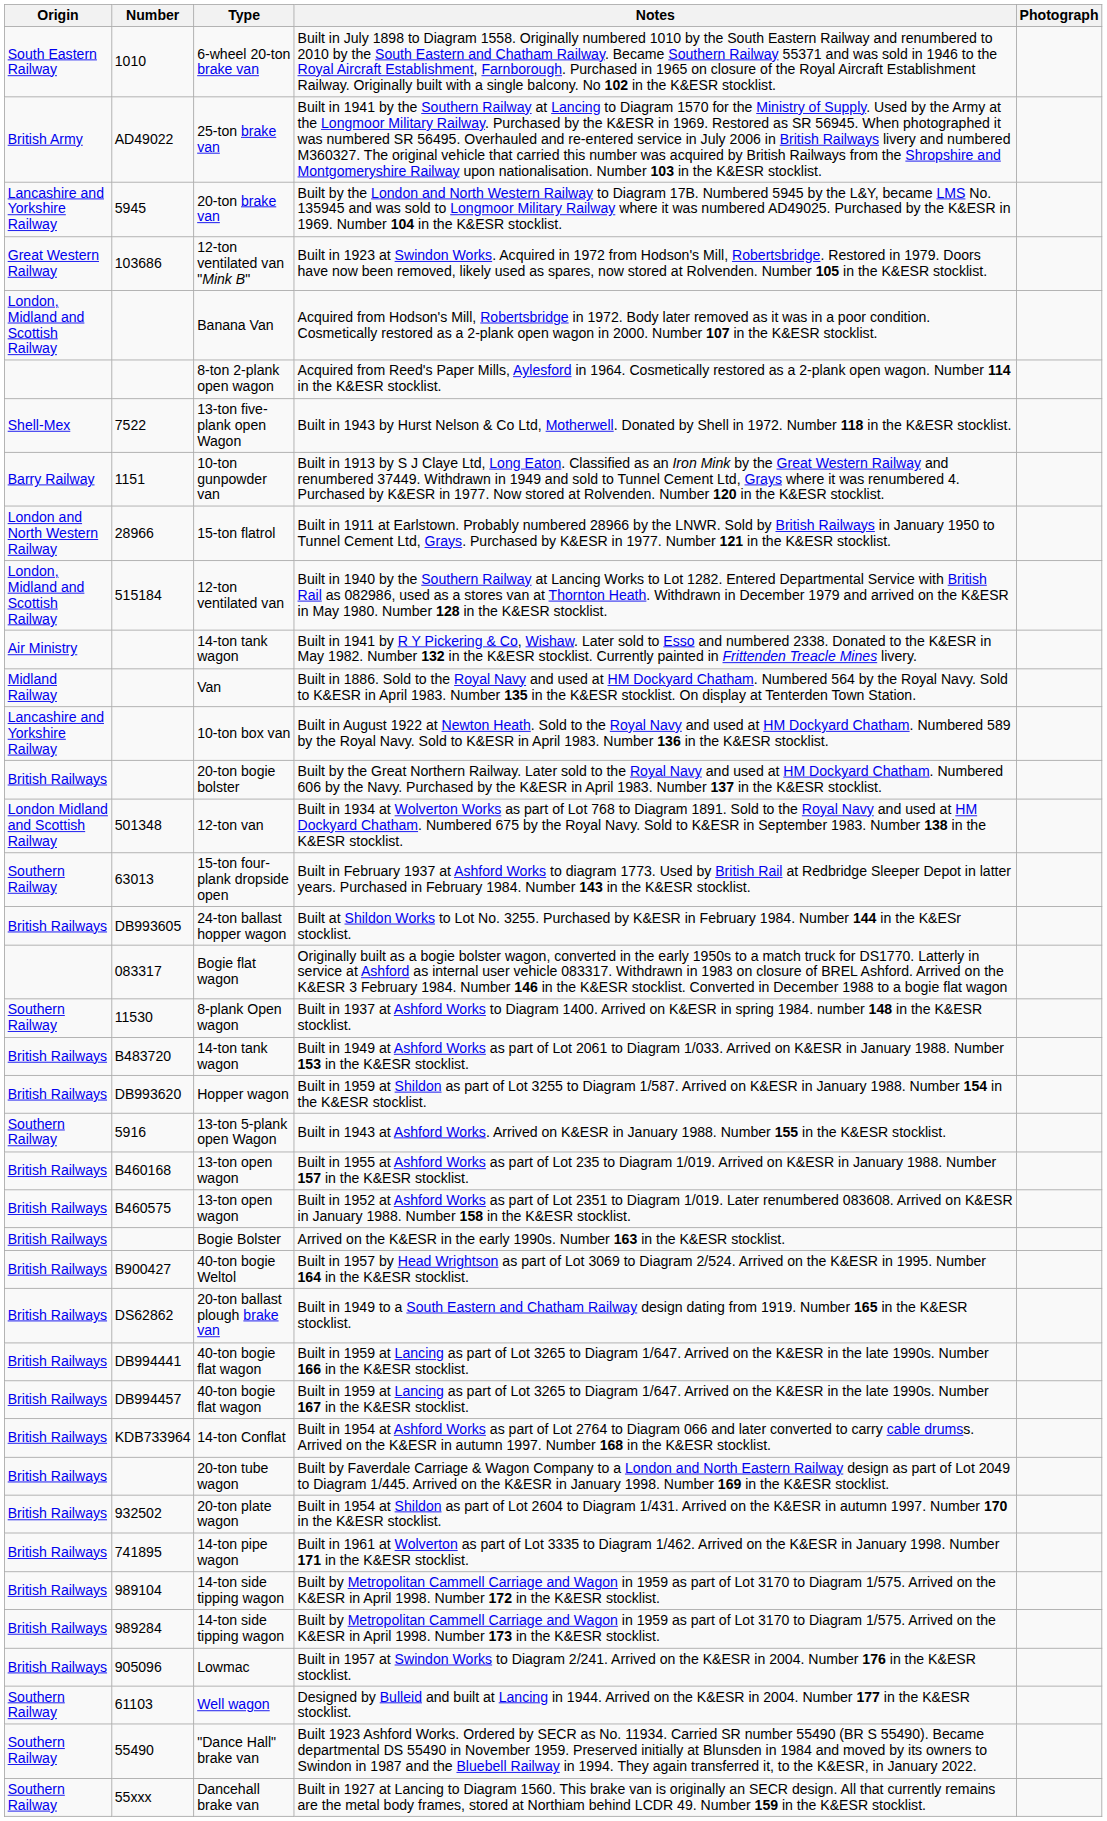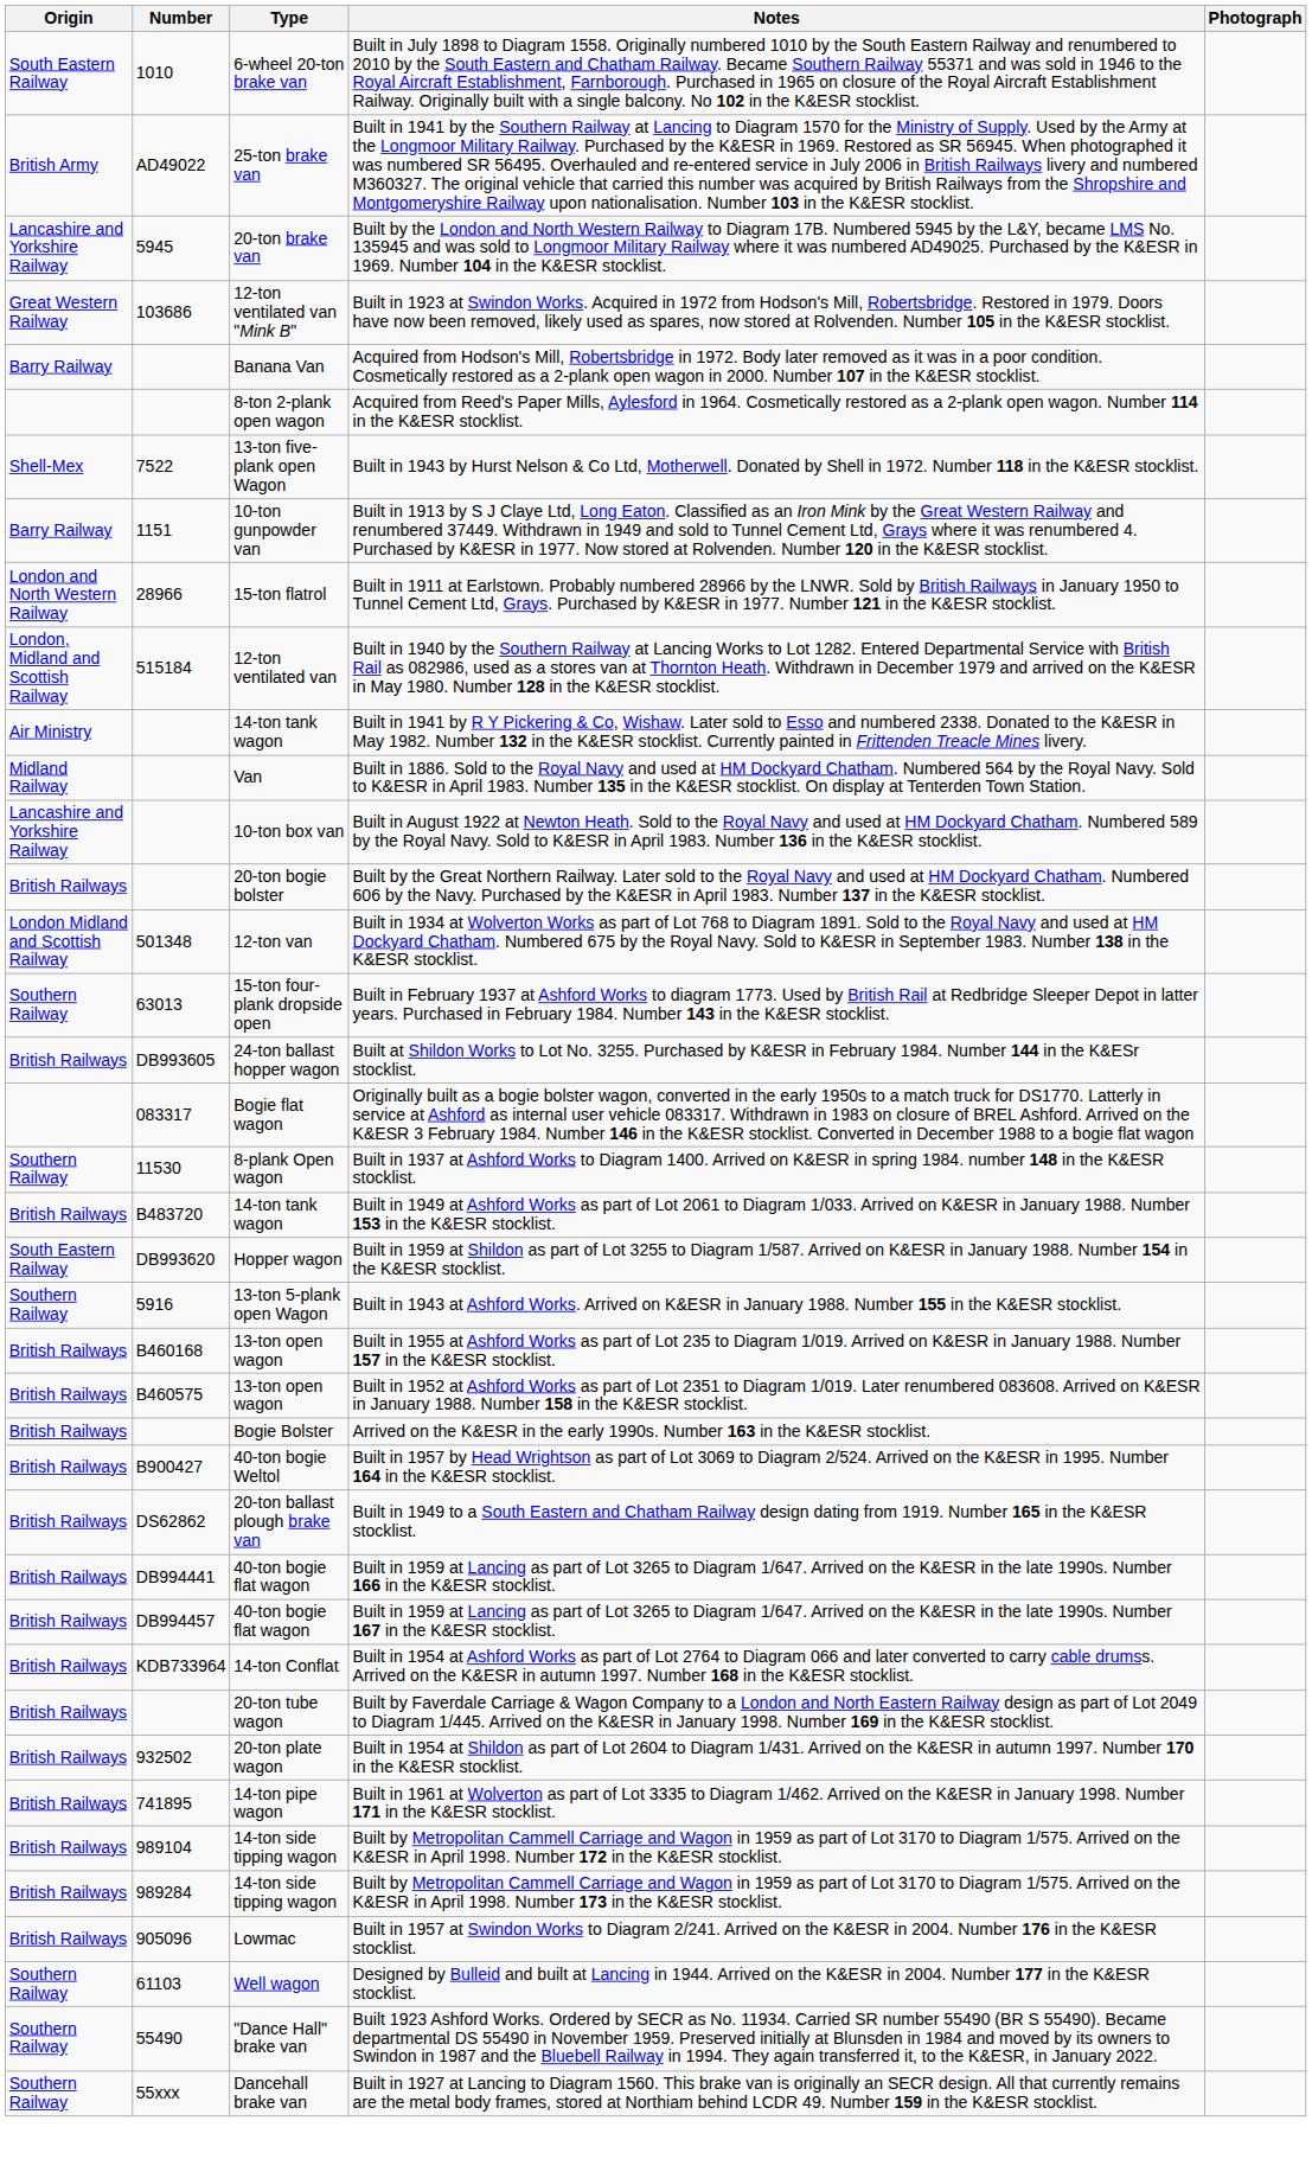 <table class="wikitable">
 <tr>
 <th>Origin</th>
 <th>Number</th>
 <th>Type</th>
 <th>Notes</th>
 <th>Photograph</th>
 </tr>
 <tr>
 <td><a href='#'>South Eastern Railway</a></td>
 <td>1010</td>
 <td>6-wheel 20-ton <a href='#'>brake van</a></td>
 <td>Built in July 1898 to Diagram 1558. Originally numbered 1010 by the South Eastern Railway and renumbered to 2010 by the <a href='#'>South Eastern and Chatham Railway</a>. Became <a href='#'>Southern Railway</a> 55371 and was sold in 1946 to the <a href='#'>Royal Aircraft Establishment</a>, <a href='#'>Farnborough</a>. Purchased in 1965 on closure of the Royal Aircraft Establishment Railway. Originally built with a single balcony. No <strong>102</strong> in the K&ESR stocklist.</td>
 <td></td>
 </tr>
 <tr>
 <td><a href='#'>British Army</a></td>
 <td>AD49022</td>
 <td>25-ton <a href='#'>brake van</a></td>
 <td>Built in 1941 by the <a href='#'>Southern Railway</a> at <a href='#'>Lancing</a> to Diagram 1570 for the <a href='#'>Ministry of Supply</a>. Used by the Army at the <a href='#'>Longmoor Military Railway</a>. Purchased by the K&ESR in 1969. Restored as SR 56945. When photographed it was numbered SR 56495.   Overhauled and re-entered service in July 2006 in <a href='#'>British Railways</a> livery and numbered M360327. The original vehicle that carried this number was acquired by British Railways from the <a href='#'>Shropshire and Montgomeryshire Railway</a> upon nationalisation. Number <strong>103</strong> in the K&ESR stocklist.</td>
 <td></td>
 </tr>
 <tr>
 <td><a href='#'>Lancashire and Yorkshire Railway</a></td>
 <td>5945</td>
 <td>20-ton <a href='#'>brake van</a></td>
 <td>Built by the <a href='#'>London and North Western Railway</a> to Diagram 17B. Numbered 5945 by the L&Y, became <a href='#'>LMS</a> No. 135945 and was sold to <a href='#'>Longmoor Military Railway</a> where it was numbered AD49025. Purchased by the K&ESR in 1969. Number <strong>104</strong> in the K&ESR stocklist.</td>
 <td></td>
 </tr>
 <tr>
 <td><a href='#'>Great Western Railway</a></td>
 <td>103686</td>
 <td>12-ton ventilated van "<em>Mink B</em>"</td>
 <td>Built in 1923 at <a href='#'>Swindon Works</a>. Acquired in 1972 from Hodson's Mill, <a href='#'>Robertsbridge</a>. Restored in 1979. Doors have now been removed, likely used as spares, now stored at Rolvenden. Number <strong>105</strong> in the K&ESR stocklist.</td>
 <td></td>
 </tr>
 <tr>
-<td><a href='#'>London, Midland and Scottish Railway</a></td>
+<td><a href='#'>Barry Railway</a></td>
 <td></td>
 <td>Banana Van</td>
 <td>Acquired from Hodson's Mill, <a href='#'>Robertsbridge</a> in 1972. Body later removed as it was in a poor condition. Cosmetically restored as a 2-plank open wagon in 2000. Number <strong>107</strong> in the K&ESR stocklist.</td>
 <td></td>
 </tr>
 <tr>
 <td></td>
 <td></td>
 <td>8-ton 2-plank open wagon</td>
 <td>Acquired from Reed's Paper Mills, <a href='#'>Aylesford</a> in 1964. Cosmetically restored as a 2-plank open wagon. Number <strong>114</strong> in the K&ESR stocklist.</td>
 <td></td>
 </tr>
 <tr>
 <td><a href='#'>Shell-Mex</a></td>
 <td>7522</td>
 <td>13-ton five-plank open Wagon</td>
 <td>Built in 1943 by Hurst Nelson & Co Ltd, <a href='#'>Motherwell</a>. Donated by Shell in 1972. Number <strong>118</strong> in the K&ESR stocklist.</td>
 <td></td>
 </tr>
 <tr>
 <td><a href='#'>Barry Railway</a></td>
 <td>1151</td>
 <td>10-ton gunpowder van</td>
 <td>Built in 1913 by S J Claye Ltd, <a href='#'>Long Eaton</a>. Classified as an <em>Iron Mink</em> by the <a href='#'>Great Western Railway</a> and renumbered 37449. Withdrawn in 1949 and sold to Tunnel Cement Ltd, <a href='#'>Grays</a> where it was renumbered 4. Purchased by K&ESR in 1977. Now stored at Rolvenden. Number <strong>120</strong> in the K&ESR stocklist.</td>
 <td></td>
 </tr>
 <tr>
 <td><a href='#'>London and North Western Railway</a></td>
 <td>28966</td>
 <td>15-ton flatrol</td>
 <td>Built in 1911 at Earlstown. Probably numbered 28966 by the LNWR. Sold by <a href='#'>British Railways</a> in January 1950 to Tunnel Cement Ltd, <a href='#'>Grays</a>. Purchased by K&ESR in 1977. Number <strong>121</strong> in the K&ESR stocklist.</td>
 <td></td>
 </tr>
 <tr>
 <td><a href='#'>London, Midland and Scottish Railway</a></td>
 <td>515184</td>
 <td>12-ton ventilated van</td>
 <td>Built in 1940 by the <a href='#'>Southern Railway</a> at Lancing Works to Lot 1282. Entered Departmental Service with <a href='#'>British Rail</a> as 082986, used as a stores van at <a href='#'>Thornton Heath</a>. Withdrawn in December 1979 and arrived on the K&ESR in May 1980. Number <strong>128</strong> in the K&ESR stocklist.</td>
 <td></td>
 </tr>
 <tr>
 <td><a href='#'>Air Ministry</a></td>
 <td></td>
 <td>14-ton tank wagon</td>
 <td>Built in 1941 by <a href='#'>R Y Pickering & Co</a>, <a href='#'>Wishaw</a>. Later sold to <a href='#'>Esso</a> and numbered 2338. Donated to the K&ESR in May 1982. Number <strong>132</strong> in the K&ESR stocklist. Currently painted in <a href='#'><em>Frittenden Treacle Mines</em></a> livery.</td>
 <td></td>
 </tr>
 <tr>
 <td><a href='#'>Midland Railway</a></td>
 <td></td>
 <td>Van</td>
 <td>Built in 1886. Sold to the <a href='#'>Royal Navy</a> and used at <a href='#'>HM Dockyard Chatham</a>. Numbered 564 by the Royal Navy. Sold to K&ESR in April 1983. Number <strong>135</strong> in the K&ESR stocklist. On display at Tenterden Town Station.</td>
 <td></td>
 </tr>
 <tr>
 <td><a href='#'>Lancashire and Yorkshire Railway</a></td>
 <td></td>
 <td>10-ton box van</td>
 <td>Built in August 1922 at <a href='#'>Newton Heath</a>. Sold to the <a href='#'>Royal Navy</a> and used at <a href='#'>HM Dockyard Chatham</a>. Numbered 589 by the Royal Navy. Sold to K&ESR in April 1983. Number <strong>136</strong> in the K&ESR stocklist.</td>
 <td></td>
 </tr>
 <tr>
 <td><a href='#'>British Railways</a></td>
 <td></td>
 <td>20-ton bogie bolster</td>
 <td>Built by the Great Northern Railway. Later sold to the <a href='#'>Royal Navy</a> and used at <a href='#'>HM Dockyard Chatham</a>. Numbered 606 by the Navy. Purchased by the K&ESR in April 1983. Number <strong>137</strong> in the K&ESR stocklist.</td>
 <td></td>
 </tr>
 <tr>
 <td><a href='#'>London Midland and Scottish Railway</a></td>
 <td>501348</td>
 <td>12-ton van</td>
 <td>Built in 1934 at <a href='#'>Wolverton Works</a> as part of Lot 768 to Diagram 1891. Sold to the <a href='#'>Royal Navy</a> and used at <a href='#'>HM Dockyard Chatham</a>. Numbered 675 by the Royal Navy. Sold to K&ESR in September 1983. Number <strong>138</strong> in the K&ESR stocklist.</td>
 <td></td>
 </tr>
 <tr>
 <td><a href='#'>Southern Railway</a></td>
 <td>63013</td>
 <td>15-ton four-plank dropside open</td>
 <td>Built in February 1937 at <a href='#'>Ashford Works</a> to diagram 1773. Used by <a href='#'>British Rail</a> at Redbridge Sleeper Depot in latter years. Purchased in February 1984. Number <strong>143</strong> in the K&ESR stocklist.</td>
 <td></td>
 </tr>
 <tr>
 <td><a href='#'>British Railways</a></td>
 <td>DB993605</td>
 <td>24-ton ballast hopper wagon</td>
 <td>Built at <a href='#'>Shildon Works</a> to Lot No. 3255. Purchased by K&ESR in February 1984. Number <strong>144</strong> in the K&ESr stocklist.</td>
 <td></td>
 </tr>
 <tr>
 <td></td>
 <td>083317</td>
 <td>Bogie flat wagon</td>
 <td>Originally built as a bogie bolster wagon, converted in the early 1950s to a match truck for DS1770. Latterly in service at <a href='#'>Ashford</a> as internal user vehicle 083317. Withdrawn in 1983 on closure of BREL Ashford. Arrived on the K&ESR 3 February 1984.  Number <strong>146</strong> in the K&ESR stocklist. Converted in December 1988 to a bogie flat wagon</td>
 <td></td>
 </tr>
 <tr>
 <td><a href='#'>Southern Railway</a></td>
 <td>11530</td>
 <td>8-plank Open wagon</td>
 <td>Built in 1937 at <a href='#'>Ashford Works</a> to Diagram 1400. Arrived on K&ESR in spring 1984. number <strong>148</strong> in the K&ESR stocklist.</td>
 <td></td>
 </tr>
 <tr>
 <td><a href='#'>British Railways</a></td>
 <td>B483720</td>
 <td>14-ton tank wagon</td>
 <td>Built in 1949 at <a href='#'>Ashford Works</a> as part of Lot 2061 to Diagram 1/033. Arrived on K&ESR in January 1988. Number <strong>153</strong> in the K&ESR stocklist.</td>
 <td></td>
 </tr>
 <tr>
-<td><a href='#'>British Railways</a></td>
+<td><a href='#'>South Eastern Railway</a></td>
 <td>DB993620</td>
 <td>Hopper wagon</td>
 <td>Built in 1959 at <a href='#'>Shildon</a> as part of Lot 3255 to Diagram 1/587. Arrived on K&ESR in January 1988. Number <strong>154</strong> in the K&ESR stocklist.</td>
 <td></td>
 </tr>
 <tr>
 <td><a href='#'>Southern Railway</a></td>
 <td>5916</td>
 <td>13-ton 5-plank open Wagon</td>
 <td>Built in 1943 at <a href='#'>Ashford Works</a>. Arrived on K&ESR in January 1988. Number <strong>155</strong> in the K&ESR stocklist.</td>
 <td></td>
 </tr>
 <tr>
 <td><a href='#'>British Railways</a></td>
 <td>B460168</td>
 <td>13-ton open wagon</td>
 <td>Built in 1955 at <a href='#'>Ashford Works</a> as part of Lot 235 to Diagram 1/019. Arrived on K&ESR in January 1988. Number <strong>157</strong> in the K&ESR stocklist.</td>
 <td></td>
 </tr>
 <tr>
 <td><a href='#'>British Railways</a></td>
 <td>B460575</td>
 <td>13-ton open wagon</td>
 <td>Built in 1952 at <a href='#'>Ashford Works</a> as part of Lot 2351 to Diagram 1/019. Later renumbered 083608. Arrived on K&ESR in January 1988. Number <strong>158</strong> in the K&ESR stocklist.</td>
 <td></td>
 </tr>
 <tr>
 <td><a href='#'>British Railways</a></td>
 <td></td>
 <td>Bogie Bolster</td>
 <td>Arrived on the K&ESR in the early 1990s. Number <strong>163</strong> in the K&ESR stocklist.</td>
 <td></td>
 </tr>
 <tr>
 <td><a href='#'>British Railways</a></td>
 <td>B900427</td>
 <td>40-ton bogie Weltol</td>
 <td>Built in 1957 by <a href='#'>Head Wrightson</a> as part of Lot 3069 to Diagram 2/524. Arrived on the K&ESR in 1995. Number <strong>164</strong> in the K&ESR stocklist.</td>
 <td></td>
 </tr>
 <tr>
 <td><a href='#'>British Railways</a></td>
 <td>DS62862</td>
 <td>20-ton ballast plough <a href='#'>brake van</a></td>
 <td>Built in 1949 to a <a href='#'>South Eastern and Chatham Railway</a> design dating from 1919. Number <strong>165</strong> in the K&ESR stocklist.</td>
 <td></td>
 </tr>
 <tr>
 <td><a href='#'>British Railways</a></td>
 <td>DB994441</td>
 <td>40-ton bogie flat wagon</td>
 <td>Built in 1959 at <a href='#'>Lancing</a> as part of Lot 3265 to Diagram 1/647. Arrived on the K&ESR in the late 1990s. Number <strong>166</strong> in the K&ESR stocklist.</td>
 <td></td>
 </tr>
 <tr>
 <td><a href='#'>British Railways</a></td>
 <td>DB994457</td>
 <td>40-ton bogie flat wagon</td>
 <td>Built in 1959 at <a href='#'>Lancing</a> as part of Lot 3265 to Diagram 1/647. Arrived on the K&ESR in the late 1990s. Number <strong>167</strong> in the K&ESR stocklist.</td>
 <td></td>
 </tr>
 <tr>
 <td><a href='#'>British Railways</a></td>
 <td>KDB733964</td>
 <td>14-ton Conflat</td>
 <td>Built in 1954 at <a href='#'>Ashford Works</a> as part of Lot 2764 to Diagram 066 and later converted to carry <a href='#'>cable drums</a>s. Arrived on the K&ESR in autumn 1997. Number <strong>168</strong> in the K&ESR stocklist.</td>
 <td></td>
 </tr>
 <tr>
 <td><a href='#'>British Railways</a></td>
 <td></td>
 <td>20-ton tube wagon</td>
 <td>Built by Faverdale Carriage & Wagon Company to a <a href='#'>London and North Eastern Railway</a> design as part of Lot 2049 to Diagram 1/445. Arrived on the K&ESR in January 1998. Number <strong>169</strong> in the K&ESR stocklist.</td>
 <td></td>
 </tr>
 <tr>
 <td><a href='#'>British Railways</a></td>
 <td>932502</td>
 <td>20-ton plate wagon</td>
 <td>Built in 1954 at <a href='#'>Shildon</a> as part of Lot 2604 to Diagram 1/431. Arrived on the K&ESR in autumn 1997. Number <strong>170</strong> in the K&ESR stocklist.</td>
 <td></td>
 </tr>
 <tr>
 <td><a href='#'>British Railways</a></td>
 <td>741895</td>
 <td>14-ton pipe wagon</td>
 <td>Built in 1961 at <a href='#'>Wolverton</a> as part of Lot 3335 to Diagram 1/462. Arrived on the K&ESR in January 1998. Number <strong>171</strong> in the K&ESR stocklist.</td>
 <td></td>
 </tr>
 <tr>
 <td><a href='#'>British Railways</a></td>
 <td>989104</td>
 <td>14-ton side tipping wagon</td>
 <td>Built by <a href='#'>Metropolitan Cammell Carriage and Wagon</a> in 1959 as part of Lot 3170 to Diagram 1/575. Arrived on the K&ESR in April 1998. Number <strong>172</strong> in the K&ESR stocklist.</td>
 <td></td>
 </tr>
 <tr>
 <td><a href='#'>British Railways</a></td>
 <td>989284</td>
 <td>14-ton side tipping wagon</td>
 <td>Built by <a href='#'>Metropolitan Cammell Carriage and Wagon</a> in 1959 as part of Lot 3170 to Diagram 1/575. Arrived on the K&ESR in April 1998. Number <strong>173</strong> in the K&ESR stocklist.</td>
 <td></td>
 </tr>
 <tr>
 <td><a href='#'>British Railways</a></td>
 <td>905096</td>
 <td>Lowmac</td>
 <td>Built in 1957 at <a href='#'>Swindon Works</a> to Diagram 2/241. Arrived on the K&ESR in 2004. Number <strong>176</strong> in the K&ESR stocklist.</td>
 <td></td>
 </tr>
 <tr>
 <td><a href='#'>Southern Railway</a></td>
 <td>61103</td>
 <td><a href='#'>Well wagon</a></td>
 <td>Designed by <a href='#'>Bulleid</a> and built at <a href='#'>Lancing</a> in 1944. Arrived on the K&ESR in 2004. Number <strong>177</strong> in the K&ESR stocklist.</td>
 <td></td>
 </tr>
 <tr>
 <td><a href='#'>Southern Railway</a></td>
 <td>55490</td>
 <td>"Dance Hall" brake van</td>
 <td>Built 1923 Ashford Works. Ordered by SECR as No. 11934. Carried SR number 55490 (BR S 55490). Became departmental DS 55490 in November 1959. Preserved initially at Blunsden in 1984 and moved by its owners to Swindon in 1987 and the <a href='#'>Bluebell Railway</a> in 1994.  They again transferred it, to the K&ESR, in January 2022.</td>
 <td></td>
 </tr>
 <tr>
 <td><a href='#'>Southern Railway</a></td>
 <td>55xxx</td>
 <td>Dancehall brake van</td>
 <td>Built in 1927 at Lancing to Diagram 1560. This brake van is originally an SECR design. All that currently remains are the metal body frames, stored at Northiam behind LCDR 49. Number <strong>159</strong> in the K&ESR stocklist.</td>
 <td></td>
 </tr>
 </table>
